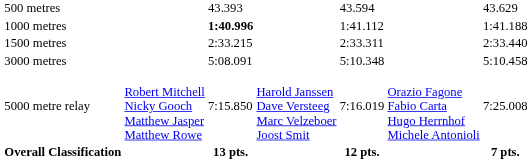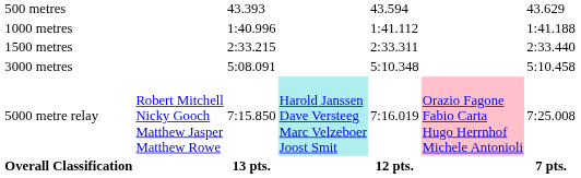 <table>
 <tr>
 <td>500 metres</td>
 <td></td>
 <td>43.393</td>
 <td></td>
 <td>43.594</td>
 <td></td>
 <td>43.629</td>
 </tr>
 <tr>
 <td>1000 metres</td>
 <td></td>
-<td><strong>1:40.996</strong></td>
+<td>1:40.996</td>
 <td></td>
 <td>1:41.112</td>
 <td></td>
 <td>1:41.188</td>
 </tr>
 <tr>
 <td>1500 metres</td>
 <td></td>
 <td>2:33.215</td>
 <td></td>
 <td>2:33.311</td>
 <td></td>
 <td>2:33.440</td>
 </tr>
 <tr>
 <td>3000 metres</td>
 <td></td>
 <td>5:08.091</td>
 <td></td>
 <td>5:10.348</td>
 <td></td>
 <td>5:10.458</td>
 </tr>
 <tr>
 <td>5000 metre relay</td>
 <td valign=top><br><a href='#'>Robert Mitchell</a><br><a href='#'>Nicky Gooch</a><br><a href='#'>Matthew Jasper</a><br><a href='#'>Matthew Rowe</a></td>
 <td>7:15.850</td>
-<td valign=top><br><a href='#'>Harold Janssen</a><br><a href='#'>Dave Versteeg</a><br><a href='#'>Marc Velzeboer</a><br><a href='#'>Joost Smit</a></td>
+<td valign=top style="background: paleturquoise;"><br><a href='#'>Harold Janssen</a><br><a href='#'>Dave Versteeg</a><br><a href='#'>Marc Velzeboer</a><br><a href='#'>Joost Smit</a></td>
 <td>7:16.019</td>
-<td valign=top><br><a href='#'>Orazio Fagone</a><br><a href='#'>Fabio Carta</a><br><a href='#'>Hugo Herrnhof</a><br><a href='#'>Michele Antonioli</a></td>
+<td valign=top style="background: pink;"><br><a href='#'>Orazio Fagone</a><br><a href='#'>Fabio Carta</a><br><a href='#'>Hugo Herrnhof</a><br><a href='#'>Michele Antonioli</a></td>
 <td>7:25.008</td>
 </tr>
 <tr>
 <th>Overall Classification</th>
 <th></th>
 <th>13 pts.</th>
 <th></th>
 <th>12 pts.</th>
 <th></th>
 <th>7 pts.</th>
 </tr>
 </table>
